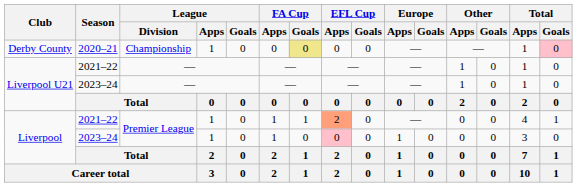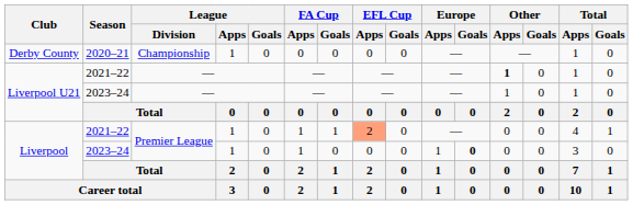 <table class="wikitable" style="text-align:center">
 <tr>
 <th rowspan="2">Club</th>
 <th rowspan="2">Season</th>
 <th colspan="3">League</th>
 <th colspan="2"><a href='#'>FA Cup</a></th>
 <th colspan="2"><a href='#'>EFL Cup</a></th>
 <th colspan="2">Europe</th>
 <th colspan="2">Other</th>
 <th colspan="2">Total</th>
 </tr>
 <tr>
 <th>Division</th>
 <th>Apps</th>
 <th>Goals</th>
 <th>Apps</th>
 <th>Goals</th>
 <th>Apps</th>
 <th>Goals</th>
 <th>Apps</th>
 <th>Goals</th>
 <th>Apps</th>
 <th>Goals</th>
 <th>Apps</th>
 <th>Goals</th>
 </tr>
 <tr>
 <td><a href='#'>Derby County</a></td>
 <td><a href='#'>2020–21</a></td>
 <td><a href='#'>Championship</a></td>
 <td>1</td>
 <td>0</td>
 <td>0</td>
-<td style="background: khaki;">0</td>
+<td>0</td>
 <td>0</td>
 <td>0</td>
 <td colspan="2">—</td>
 <td colspan="2">—</td>
 <td>1</td>
-<td style="background: pink;">0</td>
+<td>0</td>
 </tr>
 <tr>
 <td rowspan="3"><a href='#'>Liverpool U21</a></td>
 <td>2021–22</td>
 <td colspan=3>—</td>
 <td colspan=2>—</td>
 <td colspan=2>—</td>
 <td colspan=2>—</td>
-<td>1</td>
+<td><strong>1</strong></td>
 <td>0</td>
 <td>1</td>
 <td>0</td>
 </tr>
 <tr>
 <td>2023–24</td>
 <td colspan=3>—</td>
 <td colspan=2>—</td>
 <td colspan=2>—</td>
 <td colspan=2>—</td>
 <td>1</td>
 <td>0</td>
 <td>1</td>
 <td>0</td>
 </tr>
 <tr>
 <th colspan="2">Total</th>
 <th>0</th>
 <th>0</th>
 <th>0</th>
 <th>0</th>
 <th>0</th>
 <th>0</th>
 <th>0</th>
 <th>0</th>
 <th>2</th>
 <th>0</th>
 <th>2</th>
 <th>0</th>
 </tr>
 <tr>
 <td rowspan="3"><a href='#'>Liverpool</a></td>
 <td><a href='#'>2021–22</a></td>
 <td rowspan="2"><a href='#'>Premier League</a></td>
 <td>1</td>
 <td>0</td>
 <td>1</td>
 <td>1</td>
 <td style="background: lightsalmon;">2</td>
 <td>0</td>
 <td colspan="2">—</td>
 <td>0</td>
 <td>0</td>
 <td>4</td>
 <td>1</td>
 </tr>
 <tr>
 <td><a href='#'>2023–24</a></td>
 <td>1</td>
 <td>0</td>
 <td>1</td>
 <td>0</td>
-<td style="background: pink;">0</td>
+<td>0</td>
 <td>0</td>
 <td>1</td>
-<td>0</td>
+<td><strong>0</strong></td>
 <td>0</td>
 <td>0</td>
 <td>3</td>
 <td>0</td>
 </tr>
 <tr>
 <th colspan="2">Total</th>
 <th>2</th>
 <th>0</th>
 <th>2</th>
 <th>1</th>
 <th>2</th>
 <th>0</th>
 <th>1</th>
 <th>0</th>
 <th>0</th>
 <th>0</th>
 <th>7</th>
 <th>1</th>
 </tr>
 <tr>
 <th colspan="3">Career total</th>
 <th>3</th>
 <th>0</th>
 <th>2</th>
 <th>1</th>
 <th>2</th>
 <th>0</th>
 <th>1</th>
 <th>0</th>
 <th>0</th>
 <th>0</th>
 <th>10</th>
 <th>1</th>
 </tr>
 </table>
